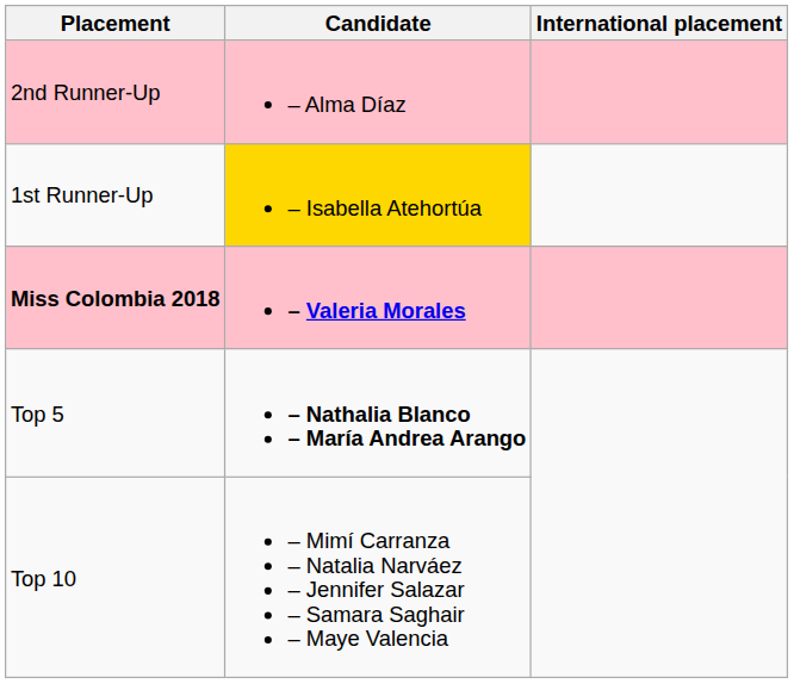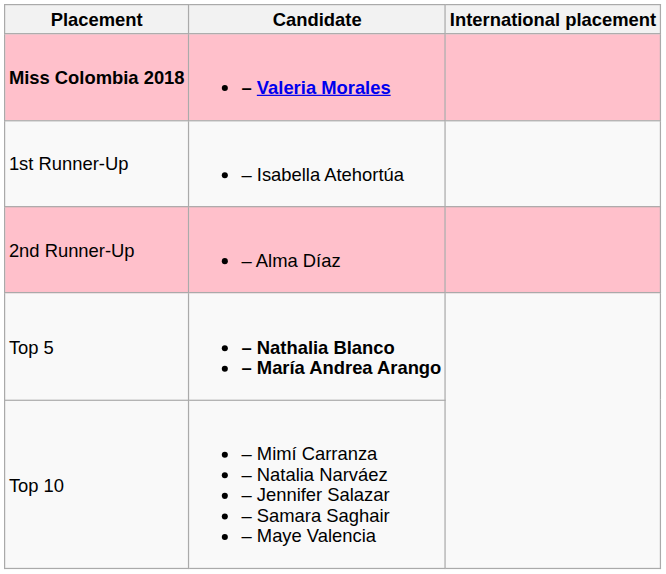 <table class="wikitable sortable" style="font-size: 95%;">
 <tr>
 <th>Placement</th>
 <th>Candidate</th>
 <th>International placement</th>
 </tr>
 <tr style="background:pink;">
-<td>2nd Runner-Up</td>
-<td><br><ul><li> – Alma Díaz</li></ul></td>
+<td><strong>Miss Colombia 2018</strong></td>
+<td><br><ul><li><strong> – <a href='#'>Valeria Morales</a></strong></li></ul></td>
 <td></td>
 </tr>
 <tr>
 <td>1st Runner-Up</td>
-<td style="background: gold;"><br><ul><li> – Isabella Atehortúa</li></ul></td>
+<td><br><ul><li> – Isabella Atehortúa</li></ul></td>
 </tr>
 <tr style="background:pink;">
-<td><strong>Miss Colombia 2018</strong></td>
-<td><br><ul><li><strong> – <a href='#'>Valeria Morales</a></strong></li></ul></td>
+<td>2nd Runner-Up</td>
+<td><br><ul><li> – Alma Díaz</li></ul></td>
 <td></td>
 </tr>
 <tr>
 <td>Top 5</td>
 <td><strong><br><ul><li> – Nathalia Blanco</li><li> – María Andrea Arango</li></ul></strong></td>
 </tr>
 <tr>
 <td>Top 10</td>
 <td><br><ul><li> – Mimí Carranza</li><li> – Natalia Narváez</li><li> – Jennifer Salazar</li><li> – Samara Saghair</li><li> – Maye Valencia</li></ul></td>
 </tr>
 </table>
